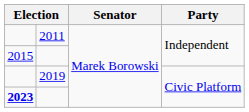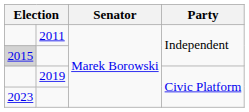 <table class="wikitable">
 <tr>
 <th colspan="2">Election</th>
 <th>Senator</th>
 <th>Party</th>
 </tr>
 <tr>
 <td></td>
 <td><a href='#'>2011</a></td>
 <td rowspan="4"><a href='#'>Marek Borowski</a></td>
 <td rowspan="2">Independent</td>
 </tr>
 <tr>
-<td><a href='#'>2015</a></td>
+<td style="background: lightgrey;"><a href='#'>2015</a></td>
 </tr>
 <tr>
 <td></td>
 <td><a href='#'>2019</a></td>
 <td rowspan="2"><a href='#'>Civic Platform</a></td>
 </tr>
 <tr>
-<td><strong><a href='#'>2023</a></strong></td>
+<td><a href='#'>2023</a></td>
 </tr>
 </table>
